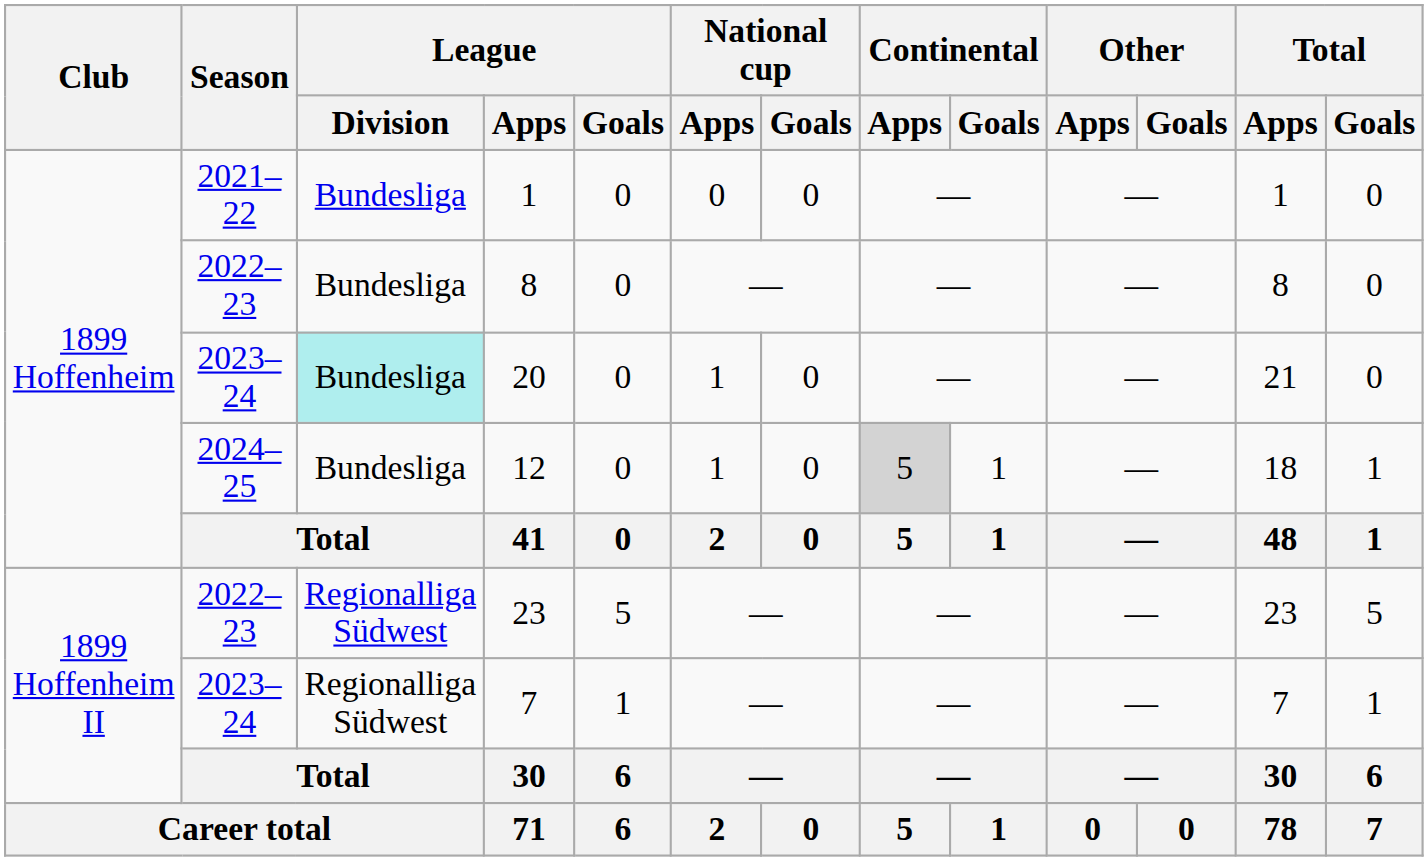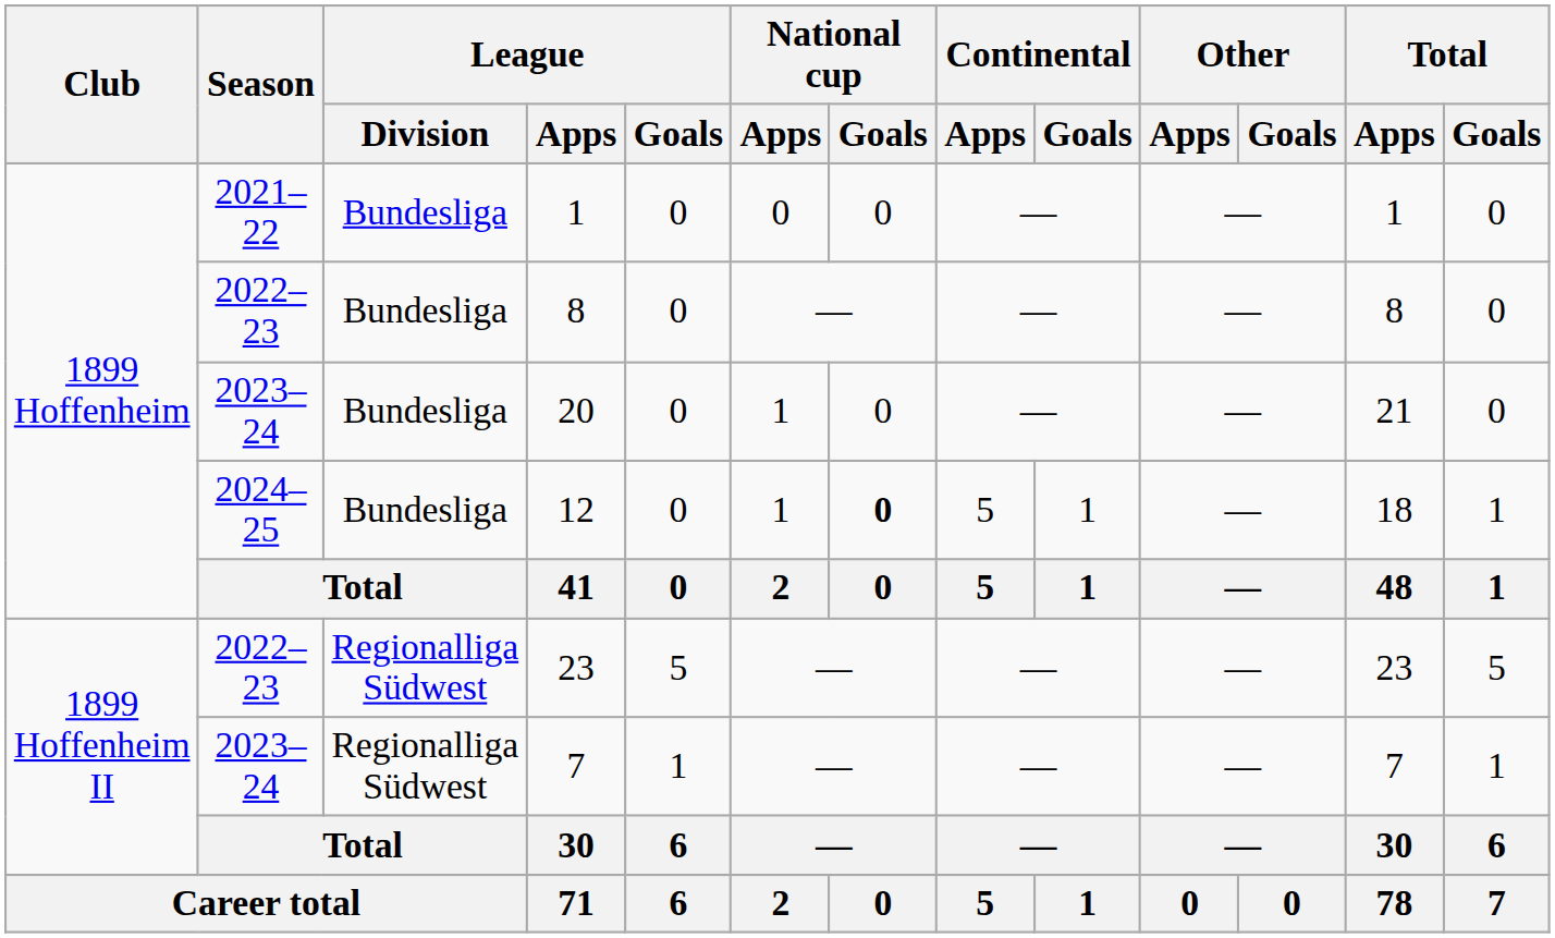 <table class="wikitable" style="text-align: center;">
 <tr>
 <th rowspan="2">Club</th>
 <th rowspan="2">Season</th>
 <th colspan="3">League</th>
 <th colspan="2">National cup</th>
 <th colspan="2">Continental</th>
 <th colspan="2">Other</th>
 <th colspan="2">Total</th>
 </tr>
 <tr>
 <th>Division</th>
 <th>Apps</th>
 <th>Goals</th>
 <th>Apps</th>
 <th>Goals</th>
 <th>Apps</th>
 <th>Goals</th>
 <th>Apps</th>
 <th>Goals</th>
 <th>Apps</th>
 <th>Goals</th>
 </tr>
 <tr>
 <td rowspan="5"><a href='#'>1899 Hoffenheim</a></td>
 <td><a href='#'>2021–22</a></td>
 <td><a href='#'>Bundesliga</a></td>
 <td>1</td>
 <td>0</td>
 <td>0</td>
 <td>0</td>
 <td colspan="2">—</td>
 <td colspan="2">—</td>
 <td>1</td>
 <td>0</td>
 </tr>
 <tr>
 <td><a href='#'>2022–23</a></td>
 <td>Bundesliga</td>
 <td>8</td>
 <td>0</td>
 <td colspan="2">—</td>
 <td colspan="2">—</td>
 <td colspan="2">—</td>
 <td>8</td>
 <td>0</td>
 </tr>
 <tr>
 <td><a href='#'>2023–24</a></td>
-<td style="background: paleturquoise;">Bundesliga</td>
+<td>Bundesliga</td>
 <td>20</td>
 <td>0</td>
 <td>1</td>
 <td>0</td>
 <td colspan="2">—</td>
 <td colspan="2">—</td>
 <td>21</td>
 <td>0</td>
 </tr>
 <tr>
 <td><a href='#'>2024–25</a></td>
 <td>Bundesliga</td>
 <td>12</td>
 <td>0</td>
 <td>1</td>
-<td>0</td>
-<td style="background: lightgrey;">5</td>
+<td><strong>0</strong></td>
+<td>5</td>
 <td>1</td>
 <td colspan="2">—</td>
 <td>18</td>
 <td>1</td>
 </tr>
 <tr>
 <th colspan="2">Total</th>
 <th>41</th>
 <th>0</th>
 <th>2</th>
 <th>0</th>
 <th>5</th>
 <th>1</th>
 <th colspan="2">—</th>
 <th>48</th>
 <th>1</th>
 </tr>
 <tr>
 <td rowspan="3"><a href='#'>1899 Hoffenheim II</a></td>
 <td><a href='#'>2022–23</a></td>
 <td><a href='#'>Regionalliga Südwest</a></td>
 <td>23</td>
 <td>5</td>
 <td colspan="2">—</td>
 <td colspan="2">—</td>
 <td colspan="2">—</td>
 <td>23</td>
 <td>5</td>
 </tr>
 <tr>
 <td><a href='#'>2023–24</a></td>
 <td>Regionalliga Südwest</td>
 <td>7</td>
 <td>1</td>
 <td colspan="2">—</td>
 <td colspan="2">—</td>
 <td colspan="2">—</td>
 <td>7</td>
 <td>1</td>
 </tr>
 <tr>
 <th colspan="2">Total</th>
 <th>30</th>
 <th>6</th>
 <th colspan="2">—</th>
 <th colspan="2">—</th>
 <th colspan="2">—</th>
 <th>30</th>
 <th>6</th>
 </tr>
 <tr>
 <th colspan="3">Career total</th>
 <th>71</th>
 <th>6</th>
 <th>2</th>
 <th>0</th>
 <th>5</th>
 <th>1</th>
 <th>0</th>
 <th>0</th>
 <th>78</th>
 <th>7</th>
 </tr>
 </table>
